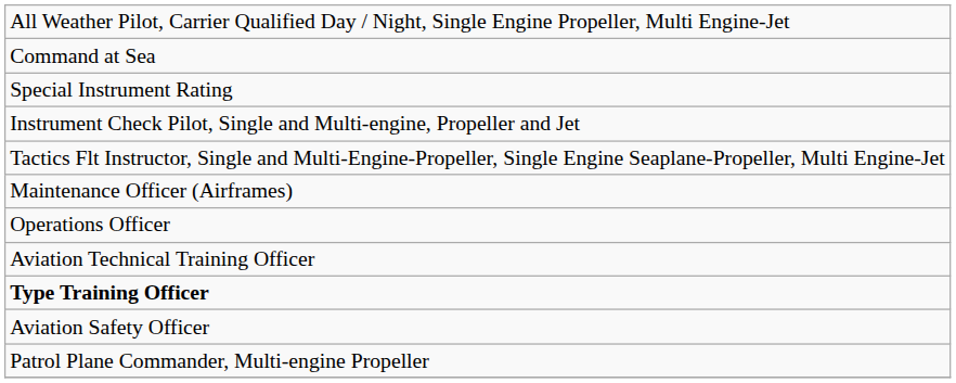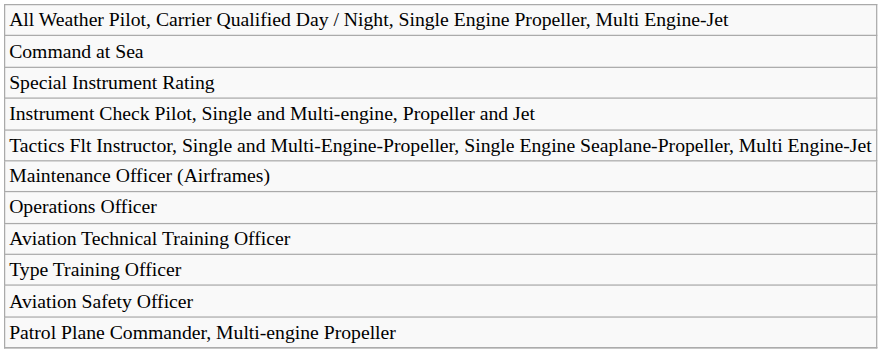 <table class="wikitable mw-collapsible mw-collapsed">
 <tr>
 <td>All Weather Pilot, Carrier Qualified Day / Night, Single Engine Propeller, Multi Engine-Jet</td>
 </tr>
 <tr>
 <td>Command at Sea</td>
 </tr>
 <tr>
 <td>Special Instrument Rating</td>
 </tr>
 <tr>
 <td>Instrument Check Pilot, Single and Multi-engine, Propeller and Jet</td>
 </tr>
 <tr>
 <td>Tactics Flt Instructor, Single and Multi-Engine-Propeller, Single Engine Seaplane-Propeller, Multi Engine-Jet</td>
 </tr>
 <tr>
 <td>Maintenance Officer (Airframes)</td>
 </tr>
 <tr>
 <td>Operations Officer</td>
 </tr>
 <tr>
 <td>Aviation Technical Training Officer</td>
 </tr>
 <tr>
-<td><strong>Type Training Officer</strong></td>
+<td>Type Training Officer</td>
 </tr>
 <tr>
 <td>Aviation Safety Officer</td>
 </tr>
 <tr>
 <td>Patrol Plane Commander, Multi-engine Propeller</td>
 </tr>
 <tr>
 </tr>
 </table>
